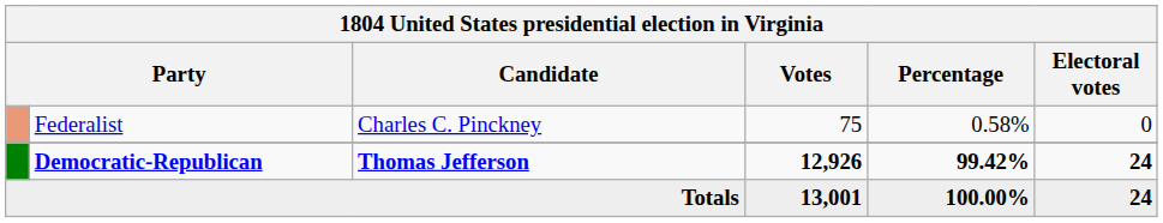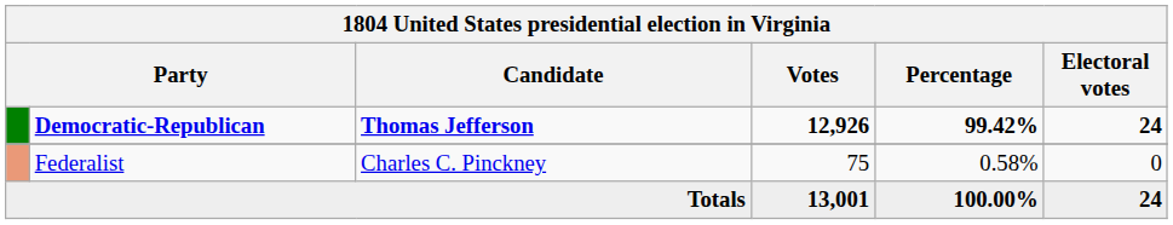 <table class="wikitable" style="font-size: 95%;">
 <tr>
 <th colspan="6">1804 United States presidential election in Virginia</th>
 </tr>
 <tr>
 <th colspan="2" style="width: 15em">Party</th>
 <th style="width: 17em">Candidate</th>
 <th style="width: 5em">Votes</th>
 <th style="width: 7em">Percentage</th>
 <th style="width: 5em">Electoral votes</th>
 </tr>
 <tr>
+<th style="background-color:#008000; width: 3px"></th>
+<td style="width: 130px"><strong><a href='#'>Democratic-Republican</a></strong></td>
+<td><strong><a href='#'>Thomas Jefferson</a></strong></td>
+<td align="right"><strong>12,926</strong></td>
+<td align="right"><strong>99.42%</strong></td>
+<td align="right"><strong>24</strong></td>
+</tr>
+<tr>
+</tr>
+<tr>
 <th style="background-color:#EA9978; width: 3px"></th>
 <td style="width: 130px"><a href='#'>Federalist</a></td>
 <td><a href='#'>Charles C. Pinckney</a></td>
 <td align="right">75</td>
 <td align="right">0.58%</td>
 <td align="right">0</td>
-</tr>
-<tr>
-</tr>
-<tr>
-<th style="background-color:#008000; width: 3px"></th>
-<td style="width: 130px"><strong><a href='#'>Democratic-Republican</a></strong></td>
-<td><strong><a href='#'>Thomas Jefferson</a></strong></td>
-<td align="right"><strong>12,926</strong></td>
-<td align="right"><strong>99.42%</strong></td>
-<td align="right"><strong>24</strong></td>
 </tr>
 <tr bgcolor="#EEEEEE">
 <td colspan="3" align="right"><strong>Totals</strong></td>
 <td align="right"><strong>13,001</strong></td>
 <td align="right"><strong>100.00%</strong></td>
 <td align="right"><strong>24</strong></td>
 </tr>
 </table>
